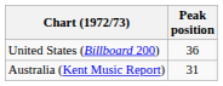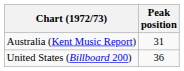 <table class="wikitable">
 <tr>
 <th scope="col">Chart (1972/73)</th>
 <th>Peak<br>position</th>
 </tr>
 <tr>
+<td>Australia (<a href='#'>Kent Music Report</a>)</td>
+<td style="text-align:center;">31</td>
+</tr>
+<tr>
 <td>United States (<a href='#'><em>Billboard</em> 200</a>)</td>
 <td style="text-align:center;">36</td>
 </tr>
-<tr>
-<td>Australia (<a href='#'>Kent Music Report</a>)</td>
-<td style="text-align:center;">31</td>
-</tr>
 </table>
